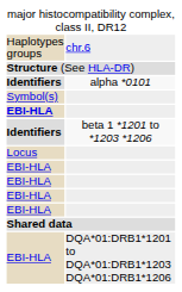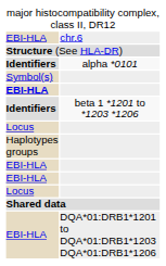 <table id="drugInfoBox" style="float: right; clear: right; margin: 0 0 0.5em 1em; background: #ffffff;" class="toccolours" border=0 cellpadding=0 align=right width="240px">
 <tr>
 <td align="center" colspan="2"></td>
 </tr>
 <tr>
 <td align="center" colspan="2"><div>major histocompatibility complex, class II, DR12</div></td>
 </tr>
 <tr>
-<td bgcolor="#e7dcc3">Haplotypes groups</td>
+<td bgcolor="#e7dcc3"><a href='#'>EBI-HLA</a></td>
 <td bgcolor="#eeeeee"><a href='#'>chr.6</a> <em></em></td>
 </tr>
 <tr>
 <td colspan="2" bgcolor="#dddddd"><strong>Structure</strong> (See <a href='#'>HLA-DR</a>)</td>
 </tr>
 <tr style="background:#f8f8f8">
 <td bgcolor="#dddddd"><strong>Identifiers</strong></td>
 <td align="center"><div>alpha <em>*0101</em></div></td>
 </tr>
 <tr>
 <td bgcolor="#e7dcc3"><a href='#'>Symbol(s)</a></td>
 <td bgcolor="#eeeeee"></td>
 </tr>
 <tr>
 <td bgcolor="#e7dcc3"><strong><a href='#'>EBI-HLA</a></strong></td>
 <td bgcolor="#eeeeee"></td>
 </tr>
 <tr style="background:#f8f8f8">
 <td bgcolor="#dddddd"><strong>Identifiers</strong></td>
 <td align="center"><div>beta 1 <em>*1201</em> to <em>*1203</em> <em>*1206</em></div></td>
 </tr>
 <tr>
 <td bgcolor="#e7dcc3"><a href='#'>Locus</a></td>
 <td bgcolor="#eeeeee"></td>
 </tr>
 <tr>
-<td bgcolor="#e7dcc3"><a href='#'>EBI-HLA</a></td>
+<td bgcolor="#e7dcc3">Haplotypes groups</td>
 <td bgcolor="#eeeeee"></td>
 </tr>
 <tr>
 <td bgcolor="#e7dcc3"><a href='#'>EBI-HLA</a></td>
 <td bgcolor="#eeeeee"> </td>
 </tr>
 <tr>
 <td bgcolor="#e7dcc3"><a href='#'>EBI-HLA</a></td>
 <td bgcolor="#eeeeee"> </td>
 </tr>
 <tr>
-<td bgcolor="#e7dcc3"><a href='#'>EBI-HLA</a></td>
+<td bgcolor="#e7dcc3"><a href='#'>Locus</a></td>
 <td bgcolor="#eeeeee"></td>
 </tr>
 <tr>
 <td colspan="2" bgcolor="#dddddd"><strong>Shared data</strong></td>
 </tr>
 <tr>
 <td bgcolor="#e7dcc3"><a href='#'>EBI-HLA</a></td>
 <td bgcolor="#eeeeee">DQA*01:DRB1*1201 to DQA*01:DRB1*1203 DQA*01:DRB1*1206</td>
 </tr>
 <tr>
 </tr>
 </table>
